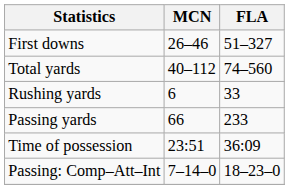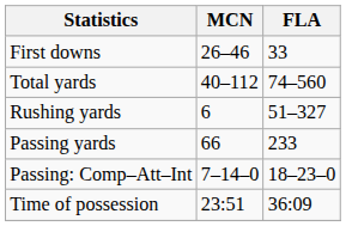 <table class="wikitable" style="float: left;">
 <tr>
 <th>Statistics</th>
 <th>MCN</th>
 <th>FLA</th>
 </tr>
 <tr>
 <td>First downs</td>
 <td>26–46</td>
-<td>51–327</td>
+<td>33</td>
 </tr>
 <tr>
 <td>Total yards</td>
 <td>40–112</td>
 <td>74–560</td>
 </tr>
 <tr>
 <td>Rushing yards</td>
 <td>6</td>
-<td>33</td>
+<td>51–327</td>
 </tr>
 <tr>
 <td>Passing yards</td>
 <td>66</td>
 <td>233</td>
 </tr>
 <tr>
+<td>Passing: Comp–Att–Int</td>
+<td>7–14–0</td>
+<td>18–23–0</td>
+</tr>
+<tr>
 <td>Time of possession</td>
 <td>23:51</td>
 <td>36:09</td>
 </tr>
 <tr>
-<td>Passing: Comp–Att–Int</td>
-<td>7–14–0</td>
-<td>18–23–0</td>
-</tr>
-<tr>
 </tr>
 </table>
